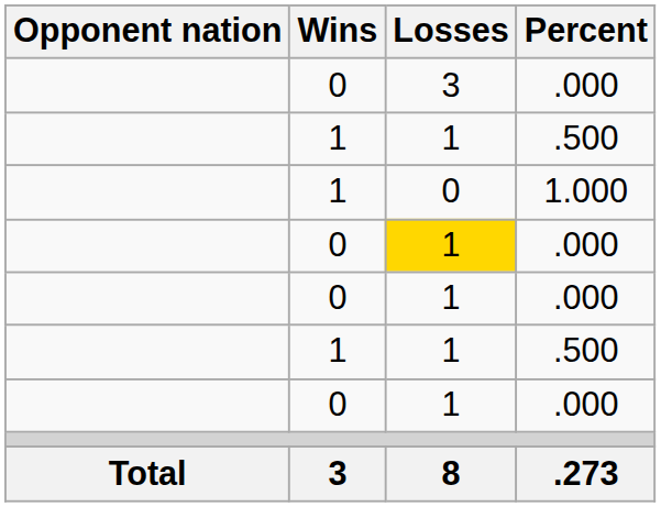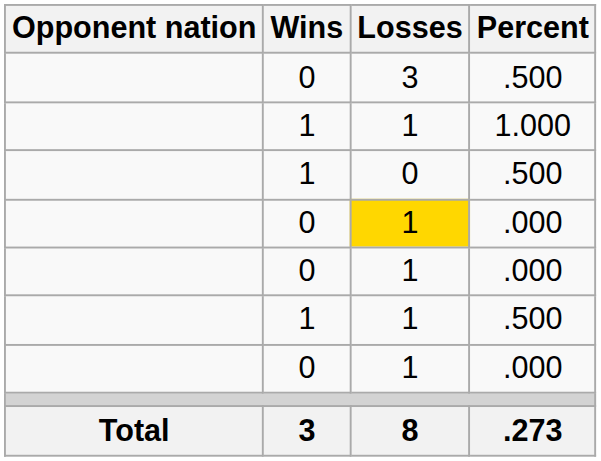 <table class=wikitable>
 <tr>
 <th>Opponent nation</th>
 <th>Wins</th>
 <th>Losses</th>
 <th>Percent</th>
 </tr>
 <tr align=center>
 <td align=left></td>
 <td>0</td>
 <td>3</td>
-<td>.000</td>
+<td>.500</td>
 </tr>
 <tr align=center>
 <td align=left></td>
 <td>1</td>
 <td>1</td>
-<td>.500</td>
+<td>1.000</td>
 </tr>
 <tr align=center>
 <td align=left></td>
 <td>1</td>
 <td>0</td>
-<td>1.000</td>
+<td>.500</td>
 </tr>
 <tr align=center>
 <td align=left></td>
 <td>0</td>
 <td style="background: gold;">1</td>
 <td>.000</td>
 </tr>
 <tr align=center>
 <td align=left></td>
 <td>0</td>
 <td>1</td>
 <td>.000</td>
 </tr>
 <tr align=center>
 <td align=left></td>
 <td>1</td>
 <td>1</td>
 <td>.500</td>
 </tr>
 <tr align=center>
 <td align=left></td>
 <td>0</td>
 <td>1</td>
 <td>.000</td>
 </tr>
 <tr>
 <td colspan=4 bgcolor=lightgray></td>
 </tr>
 <tr>
 <th>Total</th>
 <th>3</th>
 <th>8</th>
 <th>.273</th>
 </tr>
 </table>
